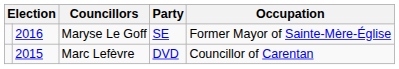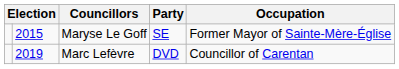 <table class="wikitable">
 <tr>
 <th colspan="2">Election</th>
 <th>Councillors</th>
 <th>Party</th>
 <th>Occupation</th>
 </tr>
 <tr>
 <td style="background-color: "></td>
-<td><a href='#'>2016</a></td>
+<td><a href='#'>2015</a></td>
 <td>Maryse Le Goff</td>
 <td><a href='#'>SE</a></td>
 <td>Former Mayor of <a href='#'>Sainte-Mère-Église</a></td>
 </tr>
 <tr>
 <td style="background-color: "></td>
-<td><a href='#'>2015</a></td>
+<td><a href='#'>2019</a></td>
 <td>Marc Lefèvre</td>
 <td><a href='#'>DVD</a></td>
 <td>Councillor of <a href='#'>Carentan</a></td>
 </tr>
 </table>
